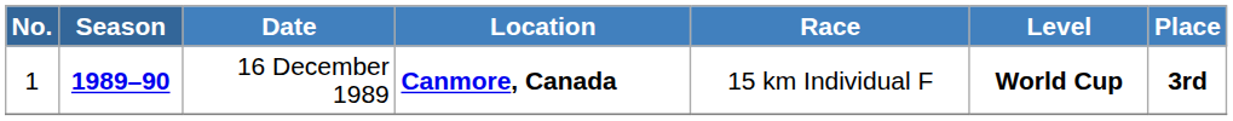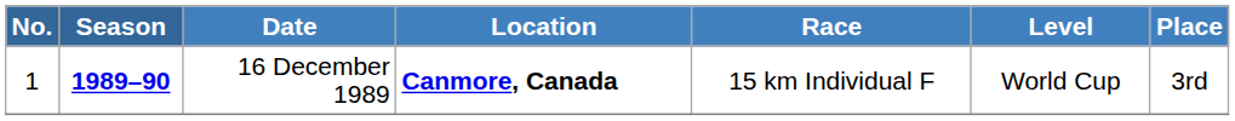 <table class="wikitable sortable" style="font-size:95%; text-align:center; border:grey solid 1px; border-collapse:collapse; background:#ffffff;">
 <tr style="background:#efefef;">
 <th style="background-color:#369; color:white;">No.</th>
 <th style="background-color:#369; color:white;">Season</th>
 <th style="background-color:#4180be; color:white; width:120px;">Date</th>
 <th style="background-color:#4180be; color:white; width:170px;">Location</th>
 <th style="background-color:#4180be; color:white; width:160px;">Race</th>
 <th style="background-color:#4180be; color:white; width:100px;">Level</th>
 <th style="background-color:#4180be; color:white;">Place</th>
 </tr>
 <tr>
 <td align=center>1</td>
 <td rowspan=1 align=center><strong> <a href='#'>1989–90</a> </strong></td>
 <td align=right>16 December 1989</td>
 <td align=left><strong> <a href='#'>Canmore</a>, Canada</strong></td>
 <td>15 km Individual F</td>
-<td><strong>World Cup</strong></td>
-<td><strong>3rd</strong></td>
+<td>World Cup</td>
+<td>3rd</td>
 </tr>
 <tr>
 </tr>
 </table>
